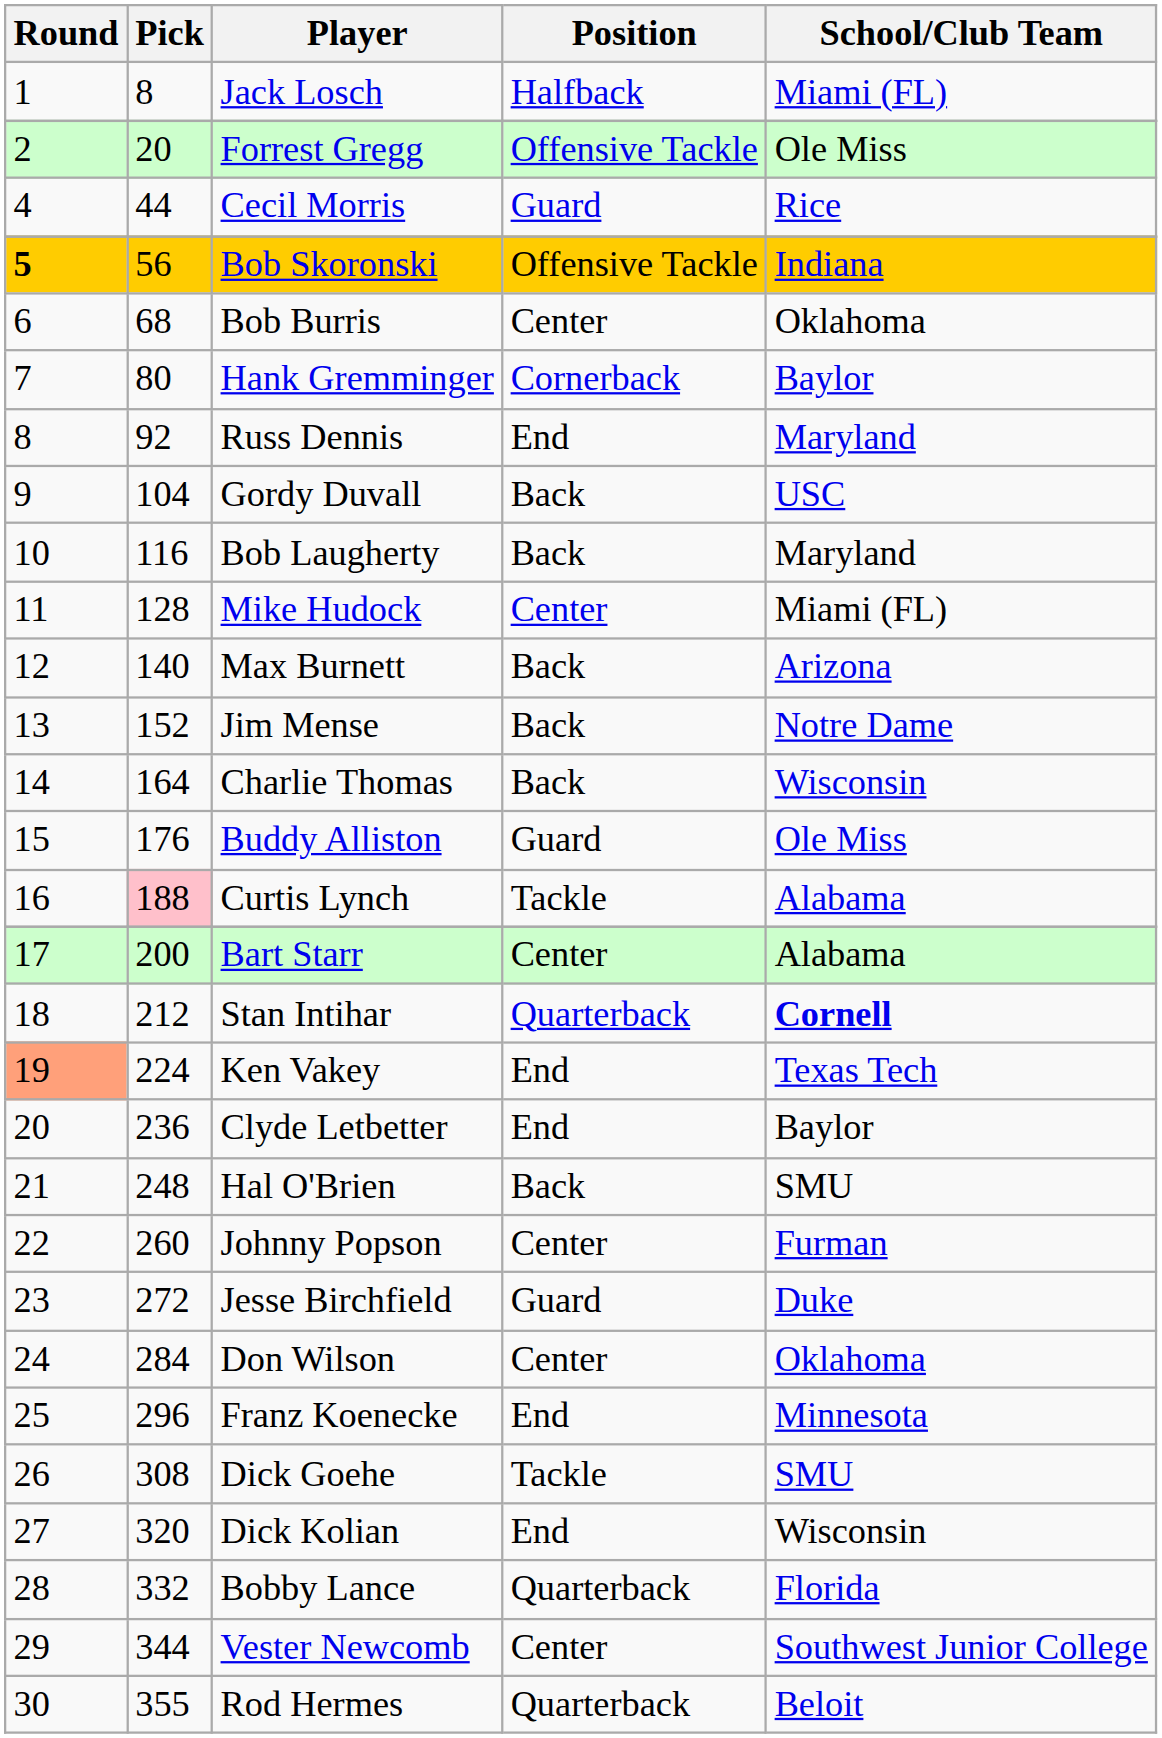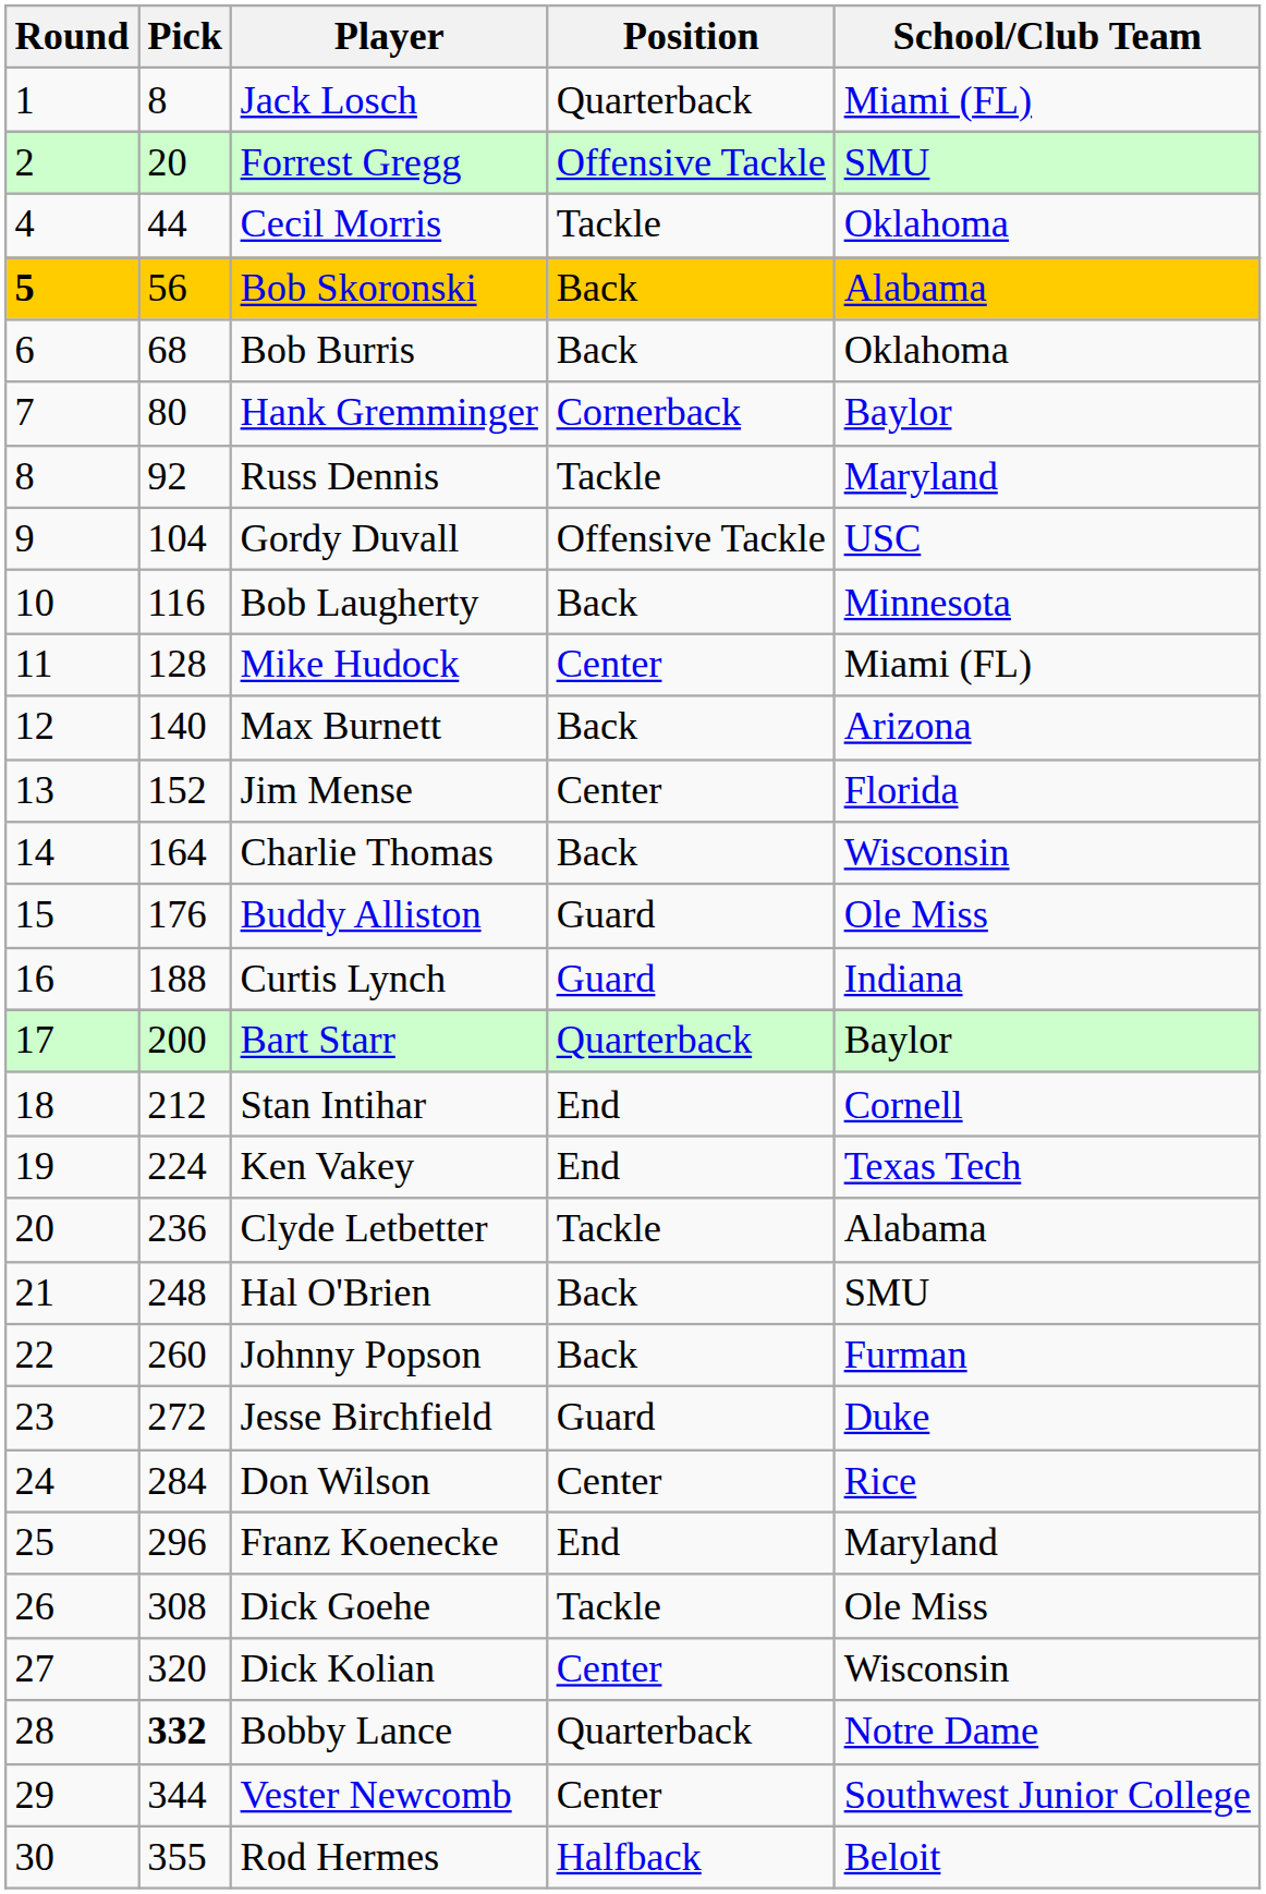 <table class="wikitable sortable sortable">
 <tr>
 <th>Round</th>
 <th>Pick</th>
 <th>Player</th>
 <th>Position</th>
 <th>School/Club Team</th>
 </tr>
 <tr>
 <td>1</td>
 <td>8</td>
 <td><a href='#'>Jack Losch</a></td>
-<td><a href='#'>Halfback</a></td>
+<td>Quarterback</td>
 <td><a href='#'>Miami (FL)</a></td>
 </tr>
 <tr>
 </tr>
 <tr bgcolor="#CCFFCC">
 <td>2</td>
 <td>20</td>
 <td><a href='#'>Forrest Gregg</a></td>
 <td><a href='#'>Offensive Tackle</a></td>
-<td>Ole Miss</td>
+<td><a href='#'>SMU</a></td>
 </tr>
 <tr>
 <td>4</td>
 <td>44</td>
 <td><a href='#'>Cecil Morris</a></td>
-<td><a href='#'>Guard</a></td>
-<td><a href='#'>Rice</a></td>
+<td>Tackle</td>
+<td><a href='#'>Oklahoma</a></td>
 </tr>
 <tr>
 </tr>
 <tr bgcolor="#FFCC00">
 <td><strong>5</strong></td>
 <td>56</td>
 <td><a href='#'>Bob Skoronski</a></td>
-<td>Offensive Tackle</td>
-<td><a href='#'>Indiana</a></td>
+<td>Back</td>
+<td><a href='#'>Alabama</a></td>
 </tr>
 <tr>
 <td>6</td>
 <td>68</td>
 <td>Bob Burris</td>
-<td>Center</td>
+<td>Back</td>
 <td>Oklahoma</td>
 </tr>
 <tr>
 <td>7</td>
 <td>80</td>
 <td><a href='#'>Hank Gremminger</a></td>
 <td><a href='#'>Cornerback</a></td>
 <td><a href='#'>Baylor</a></td>
 </tr>
 <tr>
 <td>8</td>
 <td>92</td>
 <td>Russ Dennis</td>
-<td>End</td>
+<td>Tackle</td>
 <td><a href='#'>Maryland</a></td>
 </tr>
 <tr>
 <td>9</td>
 <td>104</td>
 <td>Gordy Duvall</td>
-<td>Back</td>
+<td>Offensive Tackle</td>
 <td><a href='#'>USC</a></td>
 </tr>
 <tr>
 <td>10</td>
 <td>116</td>
 <td>Bob Laugherty</td>
 <td>Back</td>
-<td>Maryland</td>
+<td><a href='#'>Minnesota</a></td>
 </tr>
 <tr>
 <td>11</td>
 <td>128</td>
 <td><a href='#'>Mike Hudock</a></td>
 <td><a href='#'>Center</a></td>
 <td>Miami (FL)</td>
 </tr>
 <tr>
 <td>12</td>
 <td>140</td>
 <td>Max Burnett</td>
 <td>Back</td>
 <td><a href='#'>Arizona</a></td>
 </tr>
 <tr>
 <td>13</td>
 <td>152</td>
 <td>Jim Mense</td>
-<td>Back</td>
-<td><a href='#'>Notre Dame</a></td>
+<td>Center</td>
+<td><a href='#'>Florida</a></td>
 </tr>
 <tr>
 <td>14</td>
 <td>164</td>
 <td>Charlie Thomas</td>
 <td>Back</td>
 <td><a href='#'>Wisconsin</a></td>
 </tr>
 <tr>
 <td>15</td>
 <td>176</td>
 <td><a href='#'>Buddy Alliston</a></td>
 <td>Guard</td>
 <td><a href='#'>Ole Miss</a></td>
 </tr>
 <tr>
 <td>16</td>
-<td style="background: pink;">188</td>
+<td>188</td>
 <td>Curtis Lynch</td>
-<td>Tackle</td>
-<td><a href='#'>Alabama</a></td>
+<td><a href='#'>Guard</a></td>
+<td><a href='#'>Indiana</a></td>
 </tr>
 <tr>
 </tr>
 <tr bgcolor="#CCFFCC">
 <td>17</td>
 <td>200</td>
 <td><a href='#'>Bart Starr</a></td>
-<td>Center</td>
-<td>Alabama</td>
+<td><a href='#'>Quarterback</a></td>
+<td>Baylor</td>
 </tr>
 <tr>
 <td>18</td>
 <td>212</td>
 <td>Stan Intihar</td>
-<td><a href='#'>Quarterback</a></td>
-<td><strong><a href='#'>Cornell</a></strong></td>
+<td>End</td>
+<td><a href='#'>Cornell</a></td>
 </tr>
 <tr>
-<td style="background: lightsalmon;">19</td>
+<td>19</td>
 <td>224</td>
 <td>Ken Vakey</td>
 <td>End</td>
 <td><a href='#'>Texas Tech</a></td>
 </tr>
 <tr>
 <td>20</td>
 <td>236</td>
 <td>Clyde Letbetter</td>
-<td>End</td>
-<td>Baylor</td>
+<td>Tackle</td>
+<td>Alabama</td>
 </tr>
 <tr>
 <td>21</td>
 <td>248</td>
 <td>Hal O'Brien</td>
 <td>Back</td>
 <td>SMU</td>
 </tr>
 <tr>
 <td>22</td>
 <td>260</td>
 <td>Johnny Popson</td>
-<td>Center</td>
+<td>Back</td>
 <td><a href='#'>Furman</a></td>
 </tr>
 <tr>
 <td>23</td>
 <td>272</td>
 <td>Jesse Birchfield</td>
 <td>Guard</td>
 <td><a href='#'>Duke</a></td>
 </tr>
 <tr>
 <td>24</td>
 <td>284</td>
 <td>Don Wilson</td>
 <td>Center</td>
-<td><a href='#'>Oklahoma</a></td>
+<td><a href='#'>Rice</a></td>
 </tr>
 <tr>
 <td>25</td>
 <td>296</td>
 <td>Franz Koenecke</td>
 <td>End</td>
-<td><a href='#'>Minnesota</a></td>
+<td>Maryland</td>
 </tr>
 <tr>
 <td>26</td>
 <td>308</td>
 <td>Dick Goehe</td>
 <td>Tackle</td>
-<td><a href='#'>SMU</a></td>
+<td>Ole Miss</td>
 </tr>
 <tr>
 <td>27</td>
 <td>320</td>
 <td>Dick Kolian</td>
-<td>End</td>
+<td><a href='#'>Center</a></td>
 <td>Wisconsin</td>
 </tr>
 <tr>
 <td>28</td>
-<td>332</td>
+<td><strong>332</strong></td>
 <td>Bobby Lance</td>
 <td>Quarterback</td>
-<td><a href='#'>Florida</a></td>
+<td><a href='#'>Notre Dame</a></td>
 </tr>
 <tr>
 <td>29</td>
 <td>344</td>
 <td><a href='#'>Vester Newcomb</a></td>
 <td>Center</td>
 <td><a href='#'>Southwest Junior College</a></td>
 </tr>
 <tr>
 <td>30</td>
 <td>355</td>
 <td>Rod Hermes</td>
-<td>Quarterback</td>
+<td><a href='#'>Halfback</a></td>
 <td><a href='#'>Beloit</a></td>
 </tr>
 </table>
